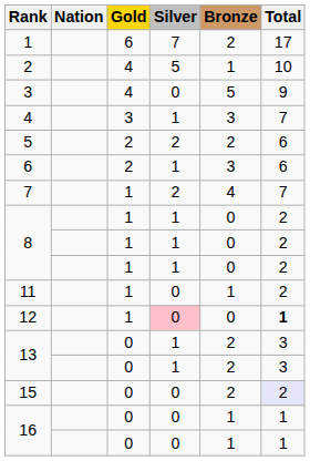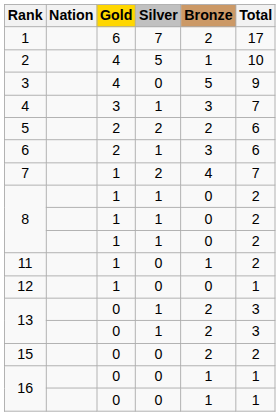 <table class="wikitable sortable" style="text-align:center">
 <tr>
 <th>Rank</th>
 <th>Nation</th>
 <th style="background-color:gold">Gold</th>
 <th style="background-color:silver">Silver</th>
 <th style="background-color:#cc9966">Bronze</th>
 <th>Total</th>
 </tr>
 <tr>
 <td>1</td>
 <td align=left></td>
 <td>6</td>
 <td>7</td>
 <td>2</td>
 <td>17</td>
 </tr>
 <tr>
 <td>2</td>
 <td align=left></td>
 <td>4</td>
 <td>5</td>
 <td>1</td>
 <td>10</td>
 </tr>
 <tr>
 <td>3</td>
 <td align=left></td>
 <td>4</td>
 <td>0</td>
 <td>5</td>
 <td>9</td>
 </tr>
 <tr>
 <td>4</td>
 <td align=left></td>
 <td>3</td>
 <td>1</td>
 <td>3</td>
 <td>7</td>
 </tr>
 <tr>
 <td>5</td>
 <td align=left></td>
 <td>2</td>
 <td>2</td>
 <td>2</td>
 <td>6</td>
 </tr>
 <tr>
 <td>6</td>
 <td align=left></td>
 <td>2</td>
 <td>1</td>
 <td>3</td>
 <td>6</td>
 </tr>
 <tr>
 <td>7</td>
 <td align=left></td>
 <td>1</td>
 <td>2</td>
 <td>4</td>
 <td>7</td>
 </tr>
 <tr>
 <td rowspan=3>8</td>
 <td align=left></td>
 <td>1</td>
 <td>1</td>
 <td>0</td>
 <td>2</td>
 </tr>
 <tr>
 <td align=left></td>
 <td>1</td>
 <td>1</td>
 <td>0</td>
 <td>2</td>
 </tr>
 <tr>
 <td align=left></td>
 <td>1</td>
 <td>1</td>
 <td>0</td>
 <td>2</td>
 </tr>
 <tr>
 <td>11</td>
 <td align=left></td>
 <td>1</td>
 <td>0</td>
 <td>1</td>
 <td>2</td>
 </tr>
 <tr>
 <td>12</td>
 <td align=left></td>
 <td>1</td>
-<td style="background: pink;">0</td>
 <td>0</td>
-<td><strong>1</strong></td>
+<td>0</td>
+<td>1</td>
 </tr>
 <tr>
 <td rowspan=2>13</td>
 <td align=left></td>
 <td>0</td>
 <td>1</td>
 <td>2</td>
 <td>3</td>
 </tr>
 <tr>
 <td align=left></td>
 <td>0</td>
 <td>1</td>
 <td>2</td>
 <td>3</td>
 </tr>
 <tr>
 <td>15</td>
 <td align=left></td>
 <td>0</td>
 <td>0</td>
 <td>2</td>
-<td style="background: lavender;">2</td>
+<td>2</td>
 </tr>
 <tr>
 <td rowspan=2>16</td>
 <td align=left></td>
 <td>0</td>
 <td>0</td>
 <td>1</td>
 <td>1</td>
 </tr>
 <tr>
 <td align=left></td>
 <td>0</td>
 <td>0</td>
 <td>1</td>
 <td>1</td>
 </tr>
 </table>
